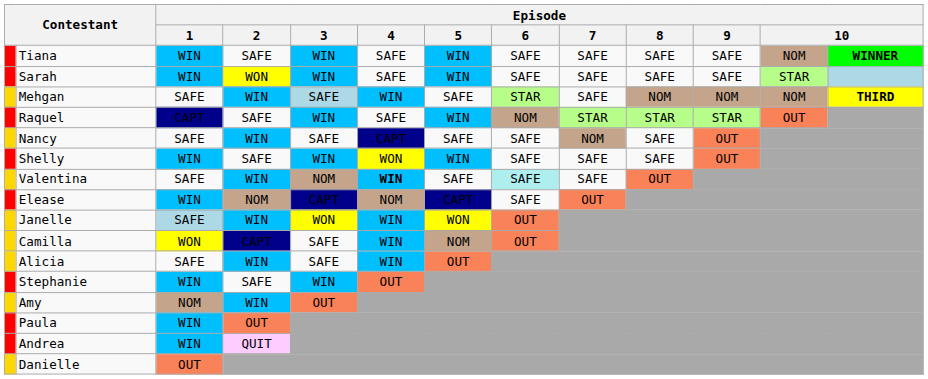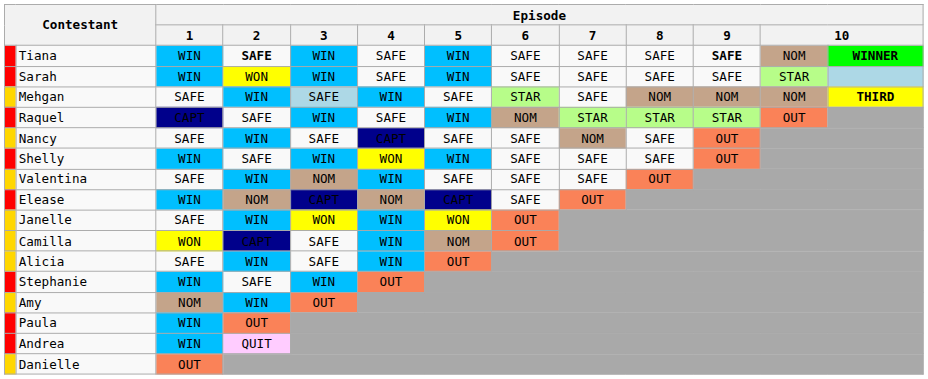 <table class="wikitable" style="text-align:center; width:75%">
 <tr>
 <th rowspan=2 colspan=2>Contestant</th>
 <th colspan=13>Episode</th>
 </tr>
 <tr>
 <th colspan=1>1</th>
 <th>2</th>
 <th>3</th>
 <th>4</th>
 <th>5</th>
 <th>6</th>
 <th>7</th>
 <th>8</th>
 <th>9</th>
 <th colspan="2">10</th>
 </tr>
 <tr>
 <td bgcolor="red"></td>
 <td align="left">Tiana</td>
 <td bgcolor= "deepskyblue">WIN</td>
-<td>SAFE</td>
+<td><strong>SAFE</strong></td>
 <td bgcolor= "deepskyblue">WIN</td>
 <td>SAFE</td>
 <td bgcolor= "deepskyblue">WIN</td>
 <td>SAFE</td>
 <td>SAFE</td>
 <td>SAFE</td>
-<td>SAFE</td>
+<td><strong>SAFE</strong></td>
 <td bgcolor="#C4A48A">NOM</td>
 <td bgcolor="lime"><strong>WINNER</strong></td>
 </tr>
 <tr>
 <td bgcolor="red"></td>
 <td align="left">Sarah</td>
 <td bgcolor= "deepskyblue">WIN</td>
 <td bgcolor="yellow">WON</td>
 <td bgcolor= "deepskyblue">WIN</td>
 <td>SAFE</td>
 <td bgcolor="deepskyblue">WIN</td>
 <td>SAFE</td>
 <td>SAFE</td>
 <td>SAFE</td>
 <td>SAFE</td>
 <td bgcolor="#B7FD89">STAR</td>
 <td bgcolor="lightblue"><strong></strong></td>
 </tr>
 <tr>
 <td bgcolor="gold"></td>
 <td align="left">Mehgan</td>
 <td>SAFE</td>
 <td bgcolor= "deepskyblue">WIN</td>
 <td style="background: lightblue;">SAFE</td>
 <td bgcolor= "deepskyblue">WIN</td>
 <td>SAFE</td>
 <td bgcolor="#B7FD89">STAR</td>
 <td>SAFE</td>
 <td bgcolor="#C4A48A">NOM</td>
 <td bgcolor="#C4A48A">NOM</td>
 <td bgcolor="#C4A48A">NOM</td>
 <td bgcolor="yellow"><strong>THIRD</strong></td>
 </tr>
 <tr>
 <td bgcolor="red"></td>
 <td align="left">Raquel</td>
 <td bgcolor="darkblue" >CAPT</td>
 <td>SAFE</td>
 <td bgcolor= "deepskyblue">WIN</td>
 <td>SAFE</td>
 <td bgcolor= "deepskyblue">WIN</td>
 <td bgcolor="#C4A48A">NOM</td>
 <td bgcolor="#B7FD89">STAR</td>
 <td bgcolor="#B7FD89">STAR</td>
 <td bgcolor="#B7FD89">STAR</td>
 <td bgcolor="#FA8258">OUT</td>
 <td style="background:darkgrey;" colspan="1"></td>
 </tr>
 <tr>
 <td bgcolor="gold"></td>
 <td align="left">Nancy</td>
 <td>SAFE</td>
 <td bgcolor= "deepskyblue">WIN</td>
 <td>SAFE</td>
 <td bgcolor="darkblue" >CAPT</td>
 <td>SAFE</td>
 <td>SAFE</td>
 <td bgcolor="#C4A48A">NOM</td>
 <td>SAFE</td>
 <td bgcolor="#FA8258">OUT</td>
 <td style="background:darkgrey;" colspan="2"></td>
 </tr>
 <tr>
 <td bgcolor="red"></td>
 <td align="left">Shelly</td>
 <td bgcolor="deepskyblue">WIN</td>
 <td>SAFE</td>
 <td bgcolor= "deepskyblue">WIN</td>
 <td bgcolor="yellow">WON</td>
 <td bgcolor="deepskyblue">WIN</td>
 <td>SAFE</td>
 <td>SAFE</td>
 <td>SAFE</td>
 <td bgcolor="#FA8258">OUT</td>
 <td style="background:darkgrey;" colspan="2"></td>
 </tr>
 <tr>
 <td bgcolor="gold"></td>
 <td align="left">Valentina</td>
 <td>SAFE</td>
 <td bgcolor= "deepskyblue">WIN</td>
 <td bgcolor="#C4A48A">NOM</td>
-<td bgcolor= "deepskyblue"><strong>WIN</strong></td>
+<td bgcolor= "deepskyblue">WIN</td>
 <td>SAFE</td>
-<td style="background: paleturquoise;">SAFE</td>
+<td>SAFE</td>
 <td>SAFE</td>
 <td bgcolor="#FA8258">OUT</td>
 <td style="background:darkgrey;" colspan="3"></td>
 </tr>
 <tr>
 <td bgcolor="red"></td>
 <td align="left">Elease</td>
 <td bgcolor= "deepskyblue">WIN</td>
 <td bgcolor="#C4A48A">NOM</td>
 <td bgcolor="darkblue" >CAPT</td>
 <td bgcolor="#C4A48A">NOM</td>
 <td bgcolor="darkblue" >CAPT</td>
 <td>SAFE</td>
 <td bgcolor="#FA8258">OUT</td>
 <td style="background:darkgrey;" colspan="4"></td>
 </tr>
 <tr>
 <td bgcolor="gold"></td>
 <td align="left">Janelle</td>
-<td style="background: lightblue;">SAFE</td>
+<td>SAFE</td>
 <td bgcolor= "deepskyblue">WIN</td>
 <td bgcolor="yellow">WON</td>
 <td bgcolor= "deepskyblue">WIN</td>
 <td bgcolor="yellow">WON</td>
 <td bgcolor="#FA8258">OUT</td>
 <td style="background:darkgrey;" colspan="5"></td>
 </tr>
 <tr>
 <td bgcolor="gold"></td>
 <td align="left">Camilla</td>
 <td bgcolor="yellow">WON</td>
 <td bgcolor="darkblue" >CAPT</td>
 <td>SAFE</td>
 <td bgcolor="deepskyblue">WIN</td>
 <td bgcolor="#C4A48A">NOM</td>
 <td bgcolor="#FA8258">OUT</td>
 <td style="background:darkgrey;" colspan="5"></td>
 </tr>
 <tr>
 <td bgcolor="gold"></td>
 <td align="left">Alicia</td>
 <td>SAFE</td>
 <td bgcolor= "deepskyblue">WIN</td>
 <td>SAFE</td>
 <td bgcolor= "deepskyblue">WIN</td>
 <td bgcolor="#FA8258">OUT</td>
 <td style="background:darkgrey;" colspan="6"></td>
 </tr>
 <tr>
 <td bgcolor="red"></td>
 <td align="left">Stephanie</td>
 <td bgcolor= "deepskyblue">WIN</td>
 <td>SAFE</td>
 <td bgcolor= "deepskyblue">WIN</td>
 <td bgcolor="#FA8258">OUT</td>
 <td style="background:darkgrey;" colspan="7"></td>
 </tr>
 <tr>
 <td bgcolor="gold"></td>
 <td align="left">Amy</td>
 <td bgcolor="#C4A48A">NOM</td>
 <td bgcolor= "deepskyblue">WIN</td>
 <td bgcolor="#FA8258">OUT</td>
 <td style="background:darkgrey;" colspan="8"></td>
 </tr>
 <tr>
 <td bgcolor="red"></td>
 <td align="left">Paula</td>
 <td bgcolor= "deepskyblue">WIN</td>
 <td bgcolor="#FA8258">OUT</td>
 <td style="background:darkgrey;" colspan="9"></td>
 </tr>
 <tr>
 <td bgcolor="red"></td>
 <td align="left">Andrea</td>
 <td bgcolor= "deepskyblue">WIN</td>
 <td bgcolor="#fcf">QUIT</td>
 <td style="background:darkgrey;" colspan="9"></td>
 </tr>
 <tr>
 <td bgcolor="gold"></td>
 <td align="left">Danielle</td>
 <td bgcolor="#FA8258">OUT</td>
 <td style="background:darkgrey;" colspan="10"></td>
 </tr>
 </table>
